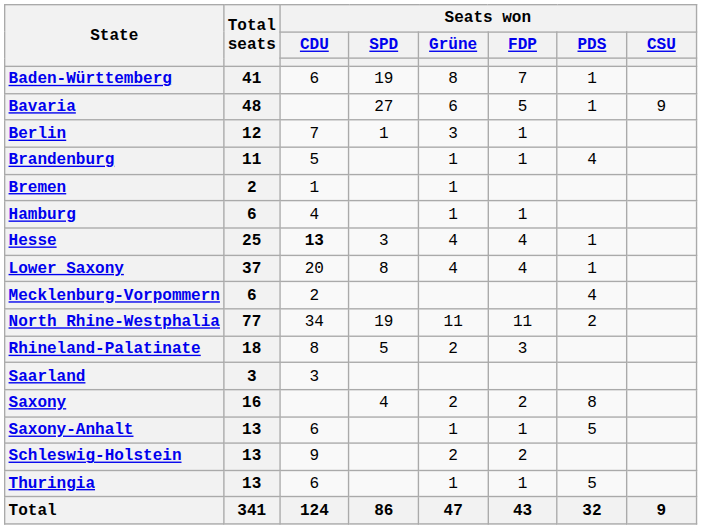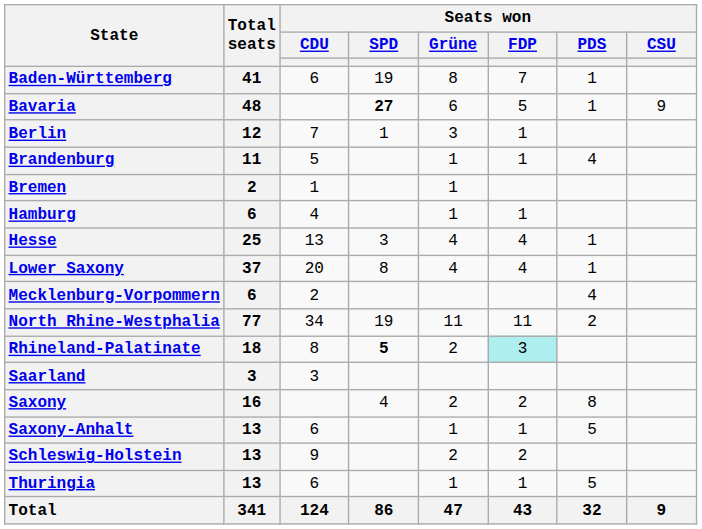 <table class="wikitable" style="text-align:center; font-size: 0.9em;">
 <tr>
 <th rowspan="3">State</th>
 <th rowspan="3">Total<br>seats</th>
 <th colspan="6">Seats won</th>
 </tr>
 <tr>
 <th class="unsortable" style="width:45px;"><a href='#'>CDU</a></th>
 <th class="unsortable" style="width:45px;"><a href='#'>SPD</a></th>
 <th class="unsortable" style="width:45px;"><a href='#'>Grüne</a></th>
 <th class="unsortable" style="width:45px;"><a href='#'>FDP</a></th>
 <th class="unsortable" style="width:45px;"><a href='#'>PDS</a></th>
 <th class="unsortable" style="width:45px;"><a href='#'>CSU</a></th>
 </tr>
 <tr>
 <th style="background:"></th>
 <th style="background:"></th>
 <th style="background:"></th>
 <th style="background:"></th>
 <th style="background:"></th>
 <th style="background:"></th>
 </tr>
 <tr>
 <th style="text-align: left;"><a href='#'>Baden-Württemberg</a></th>
 <th>41</th>
 <td>6</td>
 <td>19</td>
 <td>8</td>
 <td>7</td>
 <td>1</td>
 <td></td>
 </tr>
 <tr>
 <th style="text-align: left;"><a href='#'>Bavaria</a></th>
 <th>48</th>
 <td></td>
-<td>27</td>
+<td><strong>27</strong></td>
 <td>6</td>
 <td>5</td>
 <td>1</td>
 <td>9</td>
 </tr>
 <tr>
 <th style="text-align: left;"><a href='#'>Berlin</a></th>
 <th>12</th>
 <td>7</td>
 <td>1</td>
 <td>3</td>
 <td>1</td>
 <td></td>
 <td></td>
 </tr>
 <tr>
 <th style="text-align: left;"><a href='#'>Brandenburg</a></th>
 <th>11</th>
 <td>5</td>
 <td></td>
 <td>1</td>
 <td>1</td>
 <td>4</td>
 <td></td>
 </tr>
 <tr>
 <th style="text-align: left;"><a href='#'>Bremen</a></th>
 <th>2</th>
 <td>1</td>
 <td></td>
 <td>1</td>
 <td></td>
 <td></td>
 <td></td>
 </tr>
 <tr>
 <th style="text-align: left;"><a href='#'>Hamburg</a></th>
 <th>6</th>
 <td>4</td>
 <td></td>
 <td>1</td>
 <td>1</td>
 <td></td>
 <td></td>
 </tr>
 <tr>
 <th style="text-align: left;"><a href='#'>Hesse</a></th>
 <th>25</th>
-<td><strong>13</strong></td>
+<td>13</td>
 <td>3</td>
 <td>4</td>
 <td>4</td>
 <td>1</td>
 <td></td>
 </tr>
 <tr>
 <th style="text-align: left;"><a href='#'>Lower Saxony</a></th>
 <th>37</th>
 <td>20</td>
 <td>8</td>
 <td>4</td>
 <td>4</td>
 <td>1</td>
 <td></td>
 </tr>
 <tr>
 <th style="text-align: left;"><a href='#'>Mecklenburg-Vorpommern</a></th>
 <th>6</th>
 <td>2</td>
 <td></td>
 <td></td>
 <td></td>
 <td>4</td>
 <td></td>
 </tr>
 <tr>
 <th style="text-align: left;"><a href='#'>North Rhine-Westphalia</a></th>
 <th>77</th>
 <td>34</td>
 <td>19</td>
 <td>11</td>
 <td>11</td>
 <td>2</td>
 <td></td>
 </tr>
 <tr class="sortbottom">
 <th style="text-align: left;"><a href='#'>Rhineland-Palatinate</a></th>
 <th>18</th>
 <td>8</td>
-<td>5</td>
+<td><strong>5</strong></td>
 <td>2</td>
-<td>3</td>
+<td style="background: paleturquoise;">3</td>
 <td></td>
 <td></td>
 </tr>
 <tr>
 <th style="text-align: left;"><a href='#'>Saarland</a></th>
 <th>3</th>
 <td>3</td>
 <td></td>
 <td></td>
 <td></td>
 <td></td>
 <td></td>
 </tr>
 <tr>
 <th style="text-align: left;"><a href='#'>Saxony</a></th>
 <th>16</th>
 <td></td>
 <td>4</td>
 <td>2</td>
 <td>2</td>
 <td>8</td>
 <td></td>
 </tr>
 <tr>
 <th style="text-align: left;"><a href='#'>Saxony-Anhalt</a></th>
 <th>13</th>
 <td>6</td>
 <td></td>
 <td>1</td>
 <td>1</td>
 <td>5</td>
 <td></td>
 </tr>
 <tr>
 <th style="text-align: left;"><a href='#'>Schleswig-Holstein</a></th>
 <th>13</th>
 <td>9</td>
 <td></td>
 <td>2</td>
 <td>2</td>
 <td></td>
 <td></td>
 </tr>
 <tr>
 <th style="text-align: left;"><a href='#'>Thuringia</a></th>
 <th>13</th>
 <td>6</td>
 <td></td>
 <td>1</td>
 <td>1</td>
 <td>5</td>
 <td></td>
 </tr>
 <tr>
 <th style="text-align: left;">Total</th>
 <th>341</th>
 <th>124</th>
 <th>86</th>
 <th>47</th>
 <th>43</th>
 <th>32</th>
 <th>9</th>
 </tr>
 </table>
